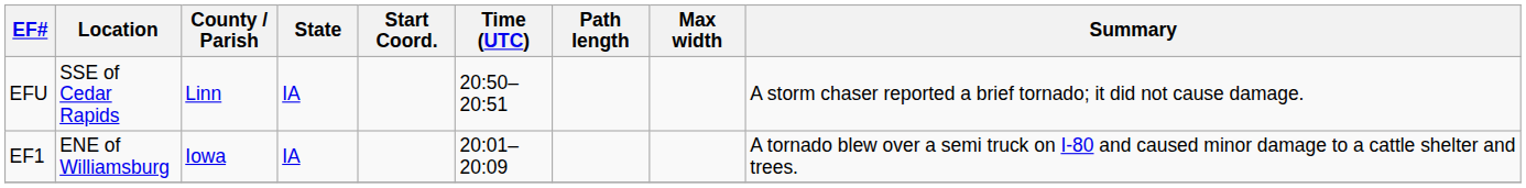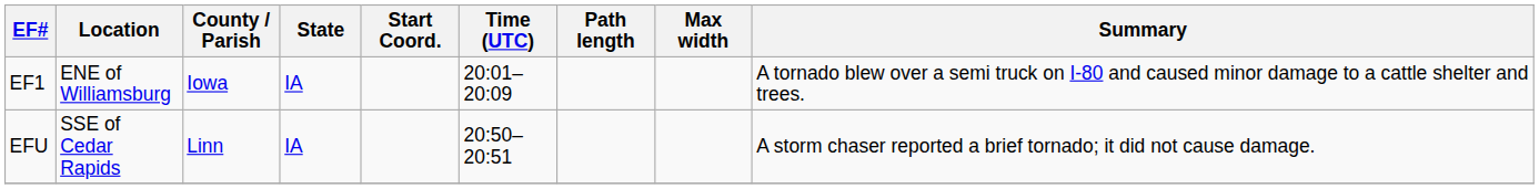 <table class="wikitable sortable" style="width:100%;">
 <tr>
 <th scope="col"  style="width:3%; text-align:center;"><a href='#'>EF#</a></th>
 <th scope="col"  style="width:7%; text-align:center;" class="unsortable">Location</th>
 <th scope="col"  style="width:6%; text-align:center;" class="unsortable">County / Parish</th>
 <th scope="col"  style="width:5%; text-align:center;">State</th>
 <th scope="col"  style="width:6%; text-align:center;">Start Coord.</th>
 <th scope="col"  style="width:6%; text-align:center;">Time (<a href='#'>UTC</a>)</th>
 <th scope="col"  style="width:6%; text-align:center;">Path length</th>
 <th scope="col"  style="width:6%; text-align:center;">Max width</th>
 <th scope="col" class="unsortable" style="width:48%; text-align:center;">Summary</th>
 </tr>
 <tr>
+<td>EF1</td>
+<td>ENE of <a href='#'>Williamsburg</a></td>
+<td><a href='#'>Iowa</a></td>
+<td><a href='#'>IA</a></td>
+<td></td>
+<td>20:01–20:09</td>
+<td></td>
+<td></td>
+<td>A tornado blew over a semi truck on <a href='#'>I-80</a> and caused minor damage to a cattle shelter and trees.</td>
+</tr>
+<tr>
 <td>EFU</td>
 <td>SSE of <a href='#'>Cedar Rapids</a></td>
 <td><a href='#'>Linn</a></td>
 <td><a href='#'>IA</a></td>
 <td></td>
 <td>20:50–20:51</td>
 <td></td>
 <td></td>
 <td>A storm chaser reported a brief tornado; it did not cause damage.</td>
 </tr>
 <tr>
-<td>EF1</td>
-<td>ENE of <a href='#'>Williamsburg</a></td>
-<td><a href='#'>Iowa</a></td>
-<td><a href='#'>IA</a></td>
-<td></td>
-<td>20:01–20:09</td>
-<td></td>
-<td></td>
-<td>A tornado blew over a semi truck on <a href='#'>I-80</a> and caused minor damage to a cattle shelter and trees.</td>
-</tr>
-<tr>
 </tr>
 </table>
